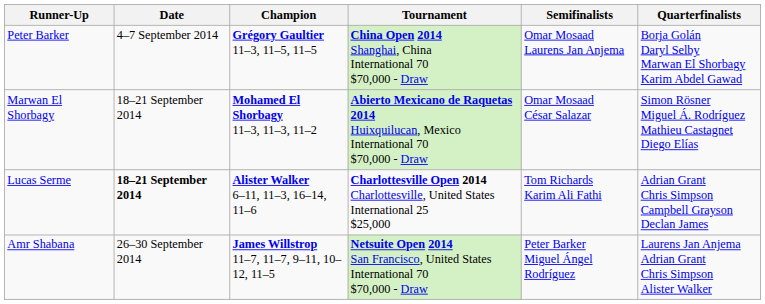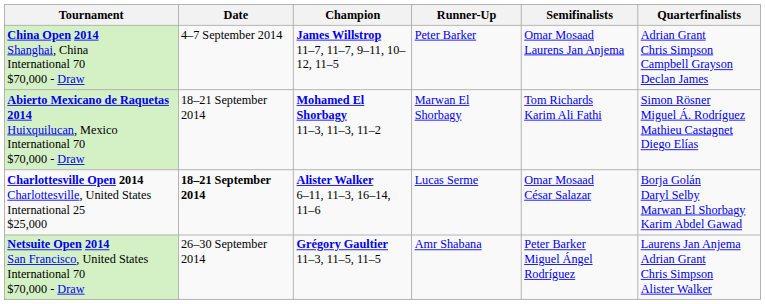 <table class="wikitable" style="font-size:88%">
 <tr>
-<th width=155>Runner-Up</th>
+<th width=250>Tournament</th>
 <th width=160>Date</th>
 <th width=165>Champion</th>
-<th width=250>Tournament</th>
+<th width=155>Runner-Up</th>
 <th width=155>Semifinalists</th>
 <th width=155>Quarterfinalists</th>
 </tr>
 <tr valign=top>
+<td style="background:#D4F1C5;"><strong><a href='#'>China Open</a> <a href='#'>2014</a></strong><br> <a href='#'>Shanghai</a>, China<br>International 70<br>$70,000 - <a href='#'>Draw</a></td>
+<td>4–7 September 2014</td>
+<td> <strong><a href='#'>James Willstrop</a></strong><br> 11–7, 11–7, 9–11, 10–12, 11–5</td>
 <td> <a href='#'>Peter Barker</a></td>
-<td>4–7 September 2014</td>
-<td> <strong><a href='#'>Grégory Gaultier</a></strong><br> 11–3, 11–5, 11–5</td>
-<td style="background:#D4F1C5;"><strong><a href='#'>China Open</a> <a href='#'>2014</a></strong><br> <a href='#'>Shanghai</a>, China<br>International 70<br>$70,000 - <a href='#'>Draw</a></td>
 <td> <a href='#'>Omar Mosaad</a><br> <a href='#'>Laurens Jan Anjema</a></td>
+<td> <a href='#'>Adrian Grant</a><br> <a href='#'>Chris Simpson</a><br> <a href='#'>Campbell Grayson</a><br> <a href='#'>Declan James</a></td>
+</tr>
+<tr valign=top>
+<td style="background:#D4F1C5;"><strong><a href='#'>Abierto Mexicano de Raquetas</a> <a href='#'>2014</a></strong><br> <a href='#'>Huixquilucan</a>, Mexico<br>International 70<br>$70,000 - <a href='#'>Draw</a></td>
+<td>18–21 September 2014</td>
+<td> <strong><a href='#'>Mohamed El Shorbagy</a></strong><br> 11–3, 11–3, 11–2</td>
+<td> <a href='#'>Marwan El Shorbagy</a></td>
+<td> <a href='#'>Tom Richards</a><br> <a href='#'>Karim Ali Fathi</a></td>
+<td> <a href='#'>Simon Rösner</a><br> <a href='#'>Miguel Á. Rodríguez</a><br> <a href='#'>Mathieu Castagnet</a><br> <a href='#'>Diego Elías</a></td>
+</tr>
+<tr valign=top>
+<td><strong><a href='#'>Charlottesville Open</a> 2014</strong><br> <a href='#'>Charlottesville</a>, United States<br>International 25<br>$25,000</td>
+<td><strong>18–21 September 2014</strong></td>
+<td> <strong><a href='#'>Alister Walker</a></strong><br> 6–11, 11–3, 16–14, 11–6</td>
+<td> <a href='#'>Lucas Serme</a></td>
+<td> <a href='#'>Omar Mosaad</a><br> <a href='#'>César Salazar</a></td>
 <td> <a href='#'>Borja Golán</a><br> <a href='#'>Daryl Selby</a><br> <a href='#'>Marwan El Shorbagy</a><br> <a href='#'>Karim Abdel Gawad</a></td>
 </tr>
 <tr valign=top>
-<td> <a href='#'>Marwan El Shorbagy</a></td>
-<td>18–21 September 2014</td>
-<td> <strong><a href='#'>Mohamed El Shorbagy</a></strong><br> 11–3, 11–3, 11–2</td>
-<td style="background:#D4F1C5;"><strong><a href='#'>Abierto Mexicano de Raquetas</a> <a href='#'>2014</a></strong><br> <a href='#'>Huixquilucan</a>, Mexico<br>International 70<br>$70,000 - <a href='#'>Draw</a></td>
-<td> <a href='#'>Omar Mosaad</a><br> <a href='#'>César Salazar</a></td>
-<td> <a href='#'>Simon Rösner</a><br> <a href='#'>Miguel Á. Rodríguez</a><br> <a href='#'>Mathieu Castagnet</a><br> <a href='#'>Diego Elías</a></td>
-</tr>
-<tr valign=top>
-<td> <a href='#'>Lucas Serme</a></td>
-<td><strong>18–21 September 2014</strong></td>
-<td> <strong><a href='#'>Alister Walker</a></strong><br> 6–11, 11–3, 16–14, 11–6</td>
-<td><strong><a href='#'>Charlottesville Open</a> 2014</strong><br> <a href='#'>Charlottesville</a>, United States<br>International 25<br>$25,000</td>
-<td> <a href='#'>Tom Richards</a><br> <a href='#'>Karim Ali Fathi</a></td>
-<td> <a href='#'>Adrian Grant</a><br> <a href='#'>Chris Simpson</a><br> <a href='#'>Campbell Grayson</a><br> <a href='#'>Declan James</a></td>
-</tr>
-<tr valign=top>
+<td style="background:#D4F1C5;"><strong><a href='#'>Netsuite Open</a> <a href='#'>2014</a></strong><br> <a href='#'>San Francisco</a>, United States<br>International 70<br>$70,000 - <a href='#'>Draw</a></td>
+<td>26–30 September 2014</td>
+<td> <strong><a href='#'>Grégory Gaultier</a></strong><br> 11–3, 11–5, 11–5</td>
 <td> <a href='#'>Amr Shabana</a></td>
-<td>26–30 September 2014</td>
-<td> <strong><a href='#'>James Willstrop</a></strong><br> 11–7, 11–7, 9–11, 10–12, 11–5</td>
-<td style="background:#D4F1C5;"><strong><a href='#'>Netsuite Open</a> <a href='#'>2014</a></strong><br> <a href='#'>San Francisco</a>, United States<br>International 70<br>$70,000 - <a href='#'>Draw</a></td>
 <td> <a href='#'>Peter Barker</a><br> <a href='#'>Miguel Ángel Rodríguez</a></td>
 <td> <a href='#'>Laurens Jan Anjema</a><br> <a href='#'>Adrian Grant</a><br> <a href='#'>Chris Simpson</a><br> <a href='#'>Alister Walker</a></td>
 </tr>
 </table>
